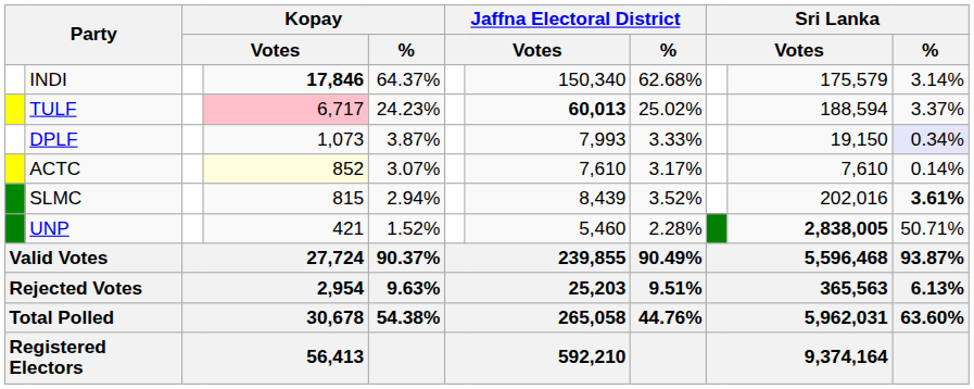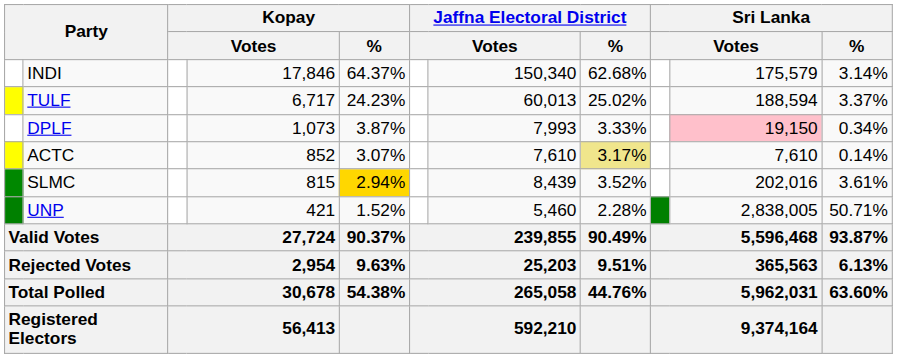 <table class="wikitable">
 <tr>
 <th colspan="2" width="144px"rowspan="2">Party</th>
 <th colspan="3" width="216px">Kopay</th>
 <th colspan="3" width="216px"><a href='#'>Jaffna Electoral District</a></th>
 <th colspan="3" width="216px">Sri Lanka</th>
 </tr>
 <tr>
 <th colspan="2" width="144px">Votes</th>
 <th>%</th>
 <th colspan="2" width="144px">Votes</th>
 <th>%</th>
 <th colspan="2" width="144px">Votes</th>
 <th>%</th>
 </tr>
 <tr>
 <td style="background-color:white;" width="10px"></td>
 <td style="text-align:left;">INDI</td>
 <td style="background-color:white;" width="10px"></td>
-<td style="text-align:right;"><strong>17,846</strong></td>
+<td style="text-align:right;">17,846</td>
 <td style="text-align:right;">64.37%</td>
 <td style="background-color:white;" width="10px"></td>
 <td style="text-align:right;">150,340</td>
 <td style="text-align:right;">62.68%</td>
 <td style="background-color:white;" width="10px"></td>
 <td style="text-align:right;">175,579</td>
 <td style="text-align:right;">3.14%</td>
 </tr>
 <tr>
 <td style="background-color:yellow;" width="10px"></td>
 <td style="text-align:left;"><a href='#'>TULF</a></td>
 <td style="background-color:white;" width="10px"></td>
-<td style="background: pink; text-align:right;">6,717</td>
+<td style="text-align:right;">6,717</td>
 <td style="text-align:right;">24.23%</td>
 <td style="background-color:white;" width="10px"></td>
-<td style="text-align:right;"><strong>60,013</strong></td>
+<td style="text-align:right;">60,013</td>
 <td style="text-align:right;">25.02%</td>
 <td style="background-color:white;" width="10px"></td>
 <td style="text-align:right;">188,594</td>
 <td style="text-align:right;">3.37%</td>
 </tr>
 <tr>
 <td style="background-color:white;" width="10px"></td>
 <td style="text-align:left;"><a href='#'>DPLF</a></td>
 <td style="background-color:white;" width="10px"></td>
 <td style="text-align:right;">1,073</td>
 <td style="text-align:right;">3.87%</td>
 <td style="background-color:white;" width="10px"></td>
 <td style="text-align:right;">7,993</td>
 <td style="text-align:right;">3.33%</td>
 <td style="background-color:white;" width="10px"></td>
-<td style="text-align:right;">19,150</td>
-<td style="background: lavender; text-align:right;">0.34%</td>
+<td style="background: pink; text-align:right;">19,150</td>
+<td style="text-align:right;">0.34%</td>
 </tr>
 <tr>
 <td style="background-color:yellow;" width="10px"></td>
 <td style="text-align:left;">ACTC</td>
 <td style="background-color:white;" width="10px"></td>
-<td style="background: lightyellow; text-align:right;">852</td>
+<td style="text-align:right;">852</td>
 <td style="text-align:right;">3.07%</td>
 <td style="background-color:white;" width="10px"></td>
 <td style="text-align:right;">7,610</td>
-<td style="text-align:right;">3.17%</td>
+<td style="background: khaki; text-align:right;">3.17%</td>
 <td style="background-color:white;" width="10px"></td>
 <td style="text-align:right;">7,610</td>
 <td style="text-align:right;">0.14%</td>
 </tr>
 <tr>
 <td style="background-color:#008800;" width="10px"></td>
 <td style="text-align:left;">SLMC</td>
 <td style="background-color:white;" width="10px"></td>
 <td style="text-align:right;">815</td>
-<td style="text-align:right;">2.94%</td>
+<td style="background: gold; text-align:right;">2.94%</td>
 <td style="background-color:white;" width="10px"></td>
 <td style="text-align:right;">8,439</td>
 <td style="text-align:right;">3.52%</td>
 <td style="background-color:white;" width="10px"></td>
 <td style="text-align:right;">202,016</td>
-<td style="text-align:right;"><strong>3.61%</strong></td>
+<td style="text-align:right;">3.61%</td>
 </tr>
 <tr>
 <td style="background-color:green;" width="10px"></td>
 <td style="text-align:left;"><a href='#'>UNP</a></td>
 <td style="background-color:white;" width="10px"></td>
 <td style="text-align:right;">421</td>
 <td style="text-align:right;">1.52%</td>
 <td style="background-color:white;" width="10px"></td>
 <td style="text-align:right;">5,460</td>
 <td style="text-align:right;">2.28%</td>
 <td style="background-color:green;" width="10px"></td>
-<td style="text-align:right;"><strong>2,838,005</strong></td>
+<td style="text-align:right;">2,838,005</td>
 <td style="text-align:right;">50.71%</td>
 </tr>
 <tr>
 <th colspan="2" width="144px"style="text-align:left;">Valid Votes</th>
 <th style="text-align:right;"colspan="2" width="144px">27,724</th>
 <th style="text-align:right;">90.37%</th>
 <th style="text-align:right;"colspan="2" width="144px">239,855</th>
 <th style="text-align:right;">90.49%</th>
 <th style="text-align:right;"colspan="2" width="144px">5,596,468</th>
 <th style="text-align:right;">93.87%</th>
 </tr>
 <tr>
 <th colspan="2" width="144px"style="text-align:left;">Rejected Votes</th>
 <th style="text-align:right;"colspan="2" width="144px">2,954</th>
 <th style="text-align:right;">9.63%</th>
 <th style="text-align:right;"colspan="2" width="144px">25,203</th>
 <th style="text-align:right;">9.51%</th>
 <th style="text-align:right;"colspan="2" width="144px">365,563</th>
 <th style="text-align:right;">6.13%</th>
 </tr>
 <tr>
 <th colspan="2" width="144px"style="text-align:left;">Total Polled</th>
 <th style="text-align:right;"colspan="2" width="144px">30,678</th>
 <th style="text-align:right;">54.38%</th>
 <th style="text-align:right;"colspan="2" width="144px">265,058</th>
 <th style="text-align:right;">44.76%</th>
 <th style="text-align:right;"colspan="2" width="144px">5,962,031</th>
 <th style="text-align:right;">63.60%</th>
 </tr>
 <tr>
 <th colspan="2" width="144px"style="text-align:left;">Registered Electors</th>
 <th style="text-align:right;"colspan="2" width="144px">56,413</th>
 <th></th>
 <th style="text-align:right;"colspan="2" width="144px">592,210</th>
 <th></th>
 <th style="text-align:right;"colspan="2" width="144px">9,374,164</th>
 <th></th>
 </tr>
 </table>
